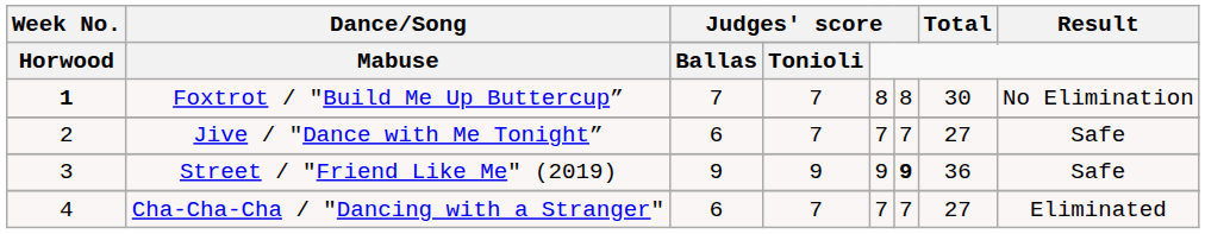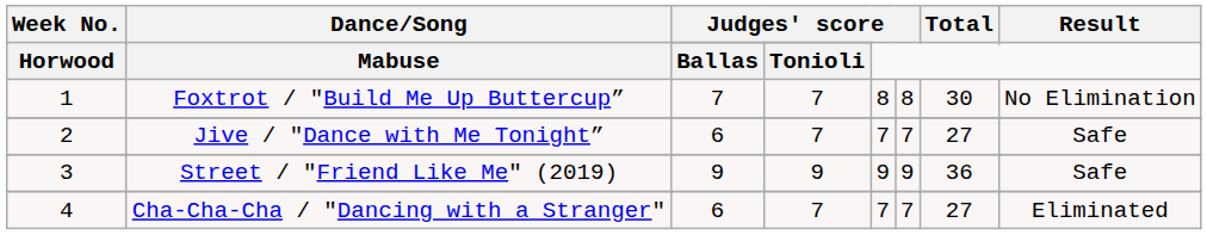 <table class="wikitable sortable" style="margin:auto; text-align:center;">
 <tr>
 <th rowspan="2" align="Center"><strong>Week No.</strong></th>
 <th rowspan="2" align="Center"><strong>Dance/Song</strong></th>
 <th colspan="4" align="Center"><strong>Judges' score</strong></th>
 <th rowspan="2" align="Center"><strong>Total</strong></th>
 <th rowspan="2" align="Center"><strong>Result</strong></th>
 </tr>
 <tr>
 </tr>
 <tr>
 <th style= width="10%" align="center">Horwood</th>
 <th style= width="10%" align="center">Mabuse</th>
 <th style= width="10%" align="center">Ballas</th>
 <th style= width="10%" align="center">Tonioli</th>
 </tr>
 <tr>
-<td style="text-align:center; background:#faf6f6;"><strong>1</strong></td>
+<td style="text-align:center; background:#faf6f6;">1</td>
 <td style="text-align:center; background:#faf6f6;"><a href='#'>Foxtrot</a> / "<a href='#'>Build Me Up Buttercup</a>”</td>
 <td style="text-align:center; background:#faf6f6;">7</td>
 <td style="text-align:center; background:#faf6f6;">7</td>
 <td style="text-align:center; background:#faf6f6;">8</td>
 <td style="text-align:center; background:#faf6f6;">8</td>
 <td style="text-align:center; background:#faf6f6;">30</td>
 <td style="text-align:center; background:#faf6f6;">No Elimination</td>
 </tr>
 <tr>
 </tr>
 <tr>
 <td style="text-align:center; background:#faf6f6;">2</td>
 <td style="text-align:center; background:#faf6f6;"><a href='#'>Jive</a> / "<a href='#'>Dance with Me Tonight</a>”</td>
 <td style="text-align:center; background:#faf6f6;">6</td>
 <td style="text-align:center; background:#faf6f6;">7</td>
 <td style="text-align:center; background:#faf6f6;">7</td>
 <td style="text-align:center; background:#faf6f6;">7</td>
 <td style="text-align:center; background:#faf6f6;">27</td>
 <td style="text-align:center; background:#faf6f6;">Safe</td>
 </tr>
 <tr>
 </tr>
 <tr>
 <td style="text-align:center; background:#faf6f6;">3</td>
 <td style="text-align:center; background:#faf6f6;"><a href='#'>Street</a> / "<a href='#'>Friend Like Me</a>" (2019)</td>
 <td style="text-align:center; background:#faf6f6;">9</td>
 <td style="text-align:center; background:#faf6f6;">9</td>
 <td style="text-align:center; background:#faf6f6;">9</td>
-<td style="text-align:center; background:#faf6f6;"><strong>9</strong></td>
+<td style="text-align:center; background:#faf6f6;">9</td>
 <td style="text-align:center; background:#faf6f6;">36</td>
 <td style="text-align:center; background:#faf6f6;">Safe</td>
 </tr>
 <tr>
 </tr>
 <tr>
 <td style="text-align:center; background:#faf6f6;">4</td>
 <td style="text-align:center; background:#faf6f6;"><a href='#'>Cha-Cha-Cha</a> / "<a href='#'>Dancing with a Stranger</a>"</td>
 <td style="text-align:center; background:#faf6f6;">6</td>
 <td style="text-align:center; background:#faf6f6;">7</td>
 <td style="text-align:center; background:#faf6f6;">7</td>
 <td style="text-align:center; background:#faf6f6;">7</td>
 <td style="text-align:center; background:#faf6f6;">27</td>
 <td style="text-align:center; background:#faf6f6;">Eliminated</td>
 </tr>
 </table>
